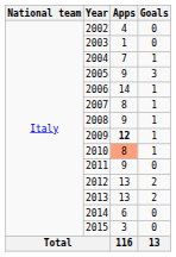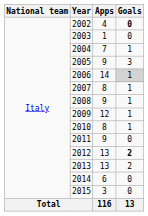 <table class="wikitable" style="text-align:center">
 <tr>
 <th>National team</th>
 <th>Year</th>
 <th>Apps</th>
 <th>Goals</th>
 </tr>
 <tr>
 <td rowspan="14"><a href='#'>Italy</a></td>
 <td>2002</td>
 <td>4</td>
-<td>0</td>
+<td><strong>0</strong></td>
 </tr>
 <tr>
 <td>2003</td>
 <td>1</td>
 <td>0</td>
 </tr>
 <tr>
 <td>2004</td>
 <td>7</td>
 <td>1</td>
 </tr>
 <tr>
 <td>2005</td>
 <td>9</td>
 <td>3</td>
 </tr>
 <tr>
 <td>2006</td>
 <td>14</td>
-<td>1</td>
+<td style="background: lightgrey;">1</td>
 </tr>
 <tr>
 <td>2007</td>
 <td>8</td>
 <td>1</td>
 </tr>
 <tr>
 <td>2008</td>
 <td>9</td>
 <td>1</td>
 </tr>
 <tr>
 <td>2009</td>
-<td><strong>12</strong></td>
+<td>12</td>
 <td>1</td>
 </tr>
 <tr>
 <td>2010</td>
-<td style="background: lightsalmon;">8</td>
+<td>8</td>
 <td>1</td>
 </tr>
 <tr>
 <td>2011</td>
 <td>9</td>
 <td>0</td>
 </tr>
 <tr>
 <td>2012</td>
 <td>13</td>
-<td>2</td>
+<td><strong>2</strong></td>
 </tr>
 <tr>
 <td>2013</td>
 <td>13</td>
 <td>2</td>
 </tr>
 <tr>
 <td>2014</td>
 <td>6</td>
 <td>0</td>
 </tr>
 <tr>
 <td>2015</td>
 <td>3</td>
 <td>0</td>
 </tr>
 <tr>
 <th colspan="2">Total</th>
 <th>116</th>
 <th>13</th>
 </tr>
 </table>
